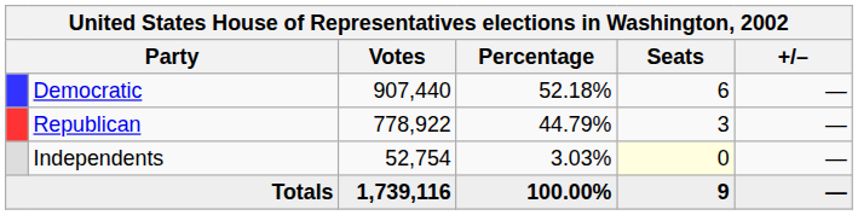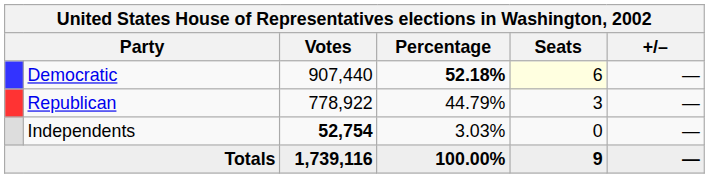 <table class="wikitable" style="font-size: 95%;">
 <tr>
 <th colspan="6">United States House of Representatives elections in Washington, 2002</th>
 </tr>
 <tr>
 <th colspan=2 style="width: 15em">Party</th>
 <th style="width: 5em">Votes</th>
 <th style="width: 7em">Percentage</th>
 <th style="width: 5em">Seats</th>
 <th style="width: 5em">+/–</th>
 </tr>
 <tr>
 <th style="background:#33f; width:3px;"></th>
 <td style="width: 130px"><a href='#'>Democratic</a></td>
 <td style="text-align:right;">907,440</td>
-<td style="text-align:right;">52.18%</td>
-<td style="text-align:right;">6</td>
+<td style="text-align:right;"><strong>52.18%</strong></td>
+<td style="background: lightyellow; text-align:right;">6</td>
 <td style="text-align:right;">—</td>
 </tr>
 <tr>
 <th style="background:#f33; width:3px;"></th>
 <td style="width: 130px"><a href='#'>Republican</a></td>
 <td style="text-align:right;">778,922</td>
 <td style="text-align:right;">44.79%</td>
 <td style="text-align:right;">3</td>
 <td style="text-align:right;">—</td>
 </tr>
 <tr>
 <th style="background:#ddd; width:3px;"></th>
 <td style="width: 130px">Independents</td>
-<td style="text-align:right;">52,754</td>
+<td style="text-align:right;"><strong>52,754</strong></td>
 <td style="text-align:right;">3.03%</td>
-<td style="background: lightyellow; text-align:right;">0</td>
+<td style="text-align:right;">0</td>
 <td style="text-align:right;">—</td>
 </tr>
 <tr style="background:#eee; text-align:right;">
 <td colspan="2"><strong>Totals</strong></td>
 <td><strong>1,739,116</strong></td>
 <td><strong>100.00%</strong></td>
 <td><strong>9</strong></td>
 <td><strong>—</strong></td>
 </tr>
 </table>
